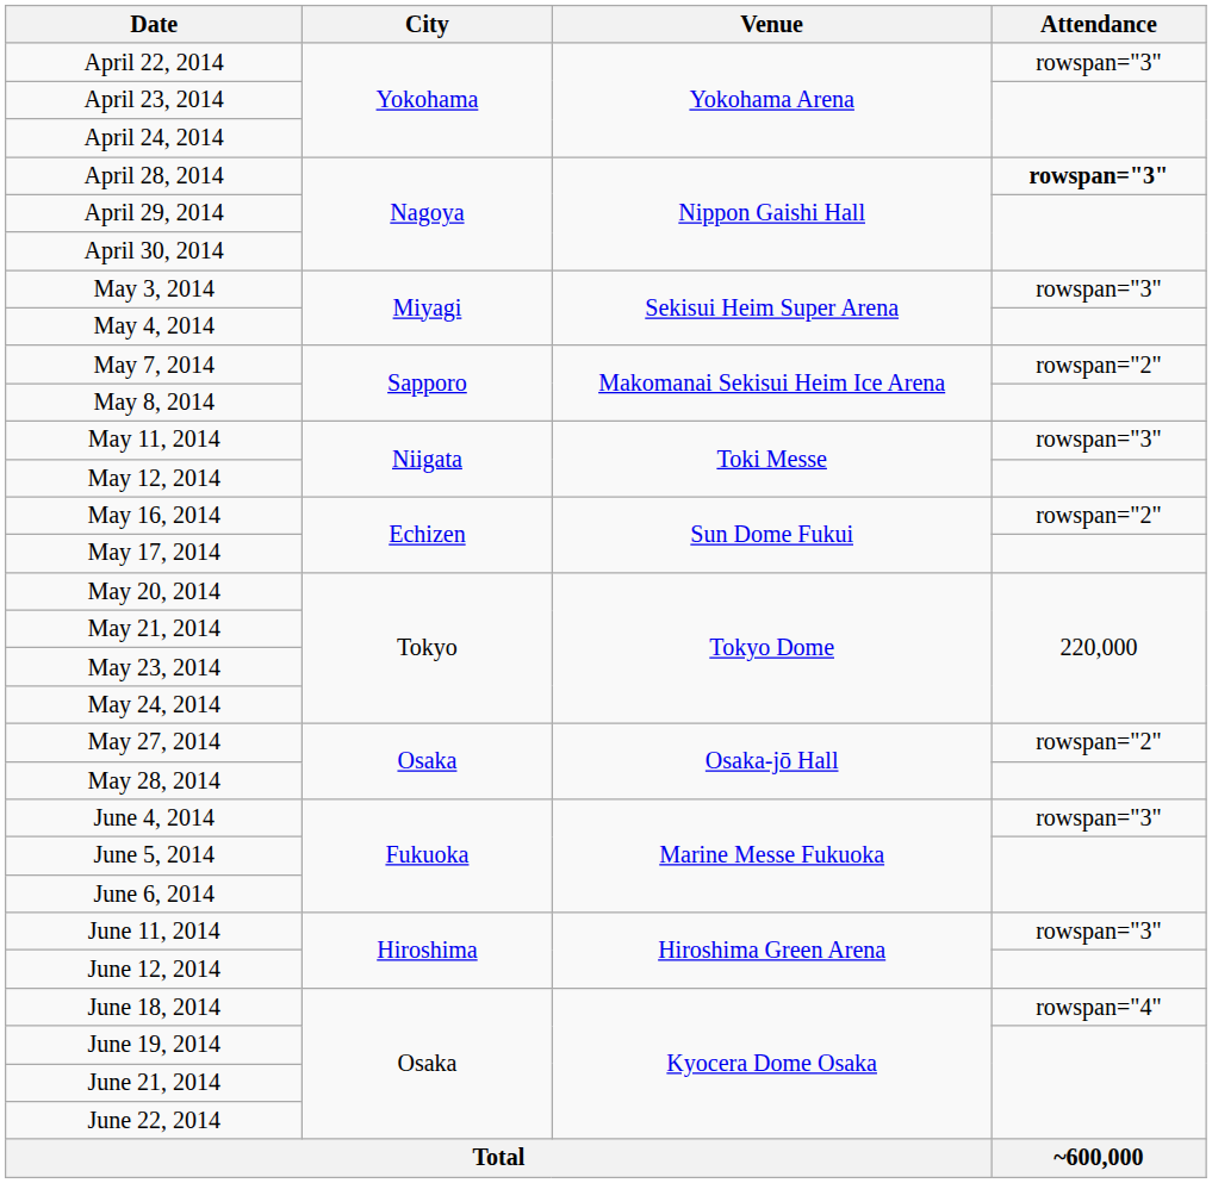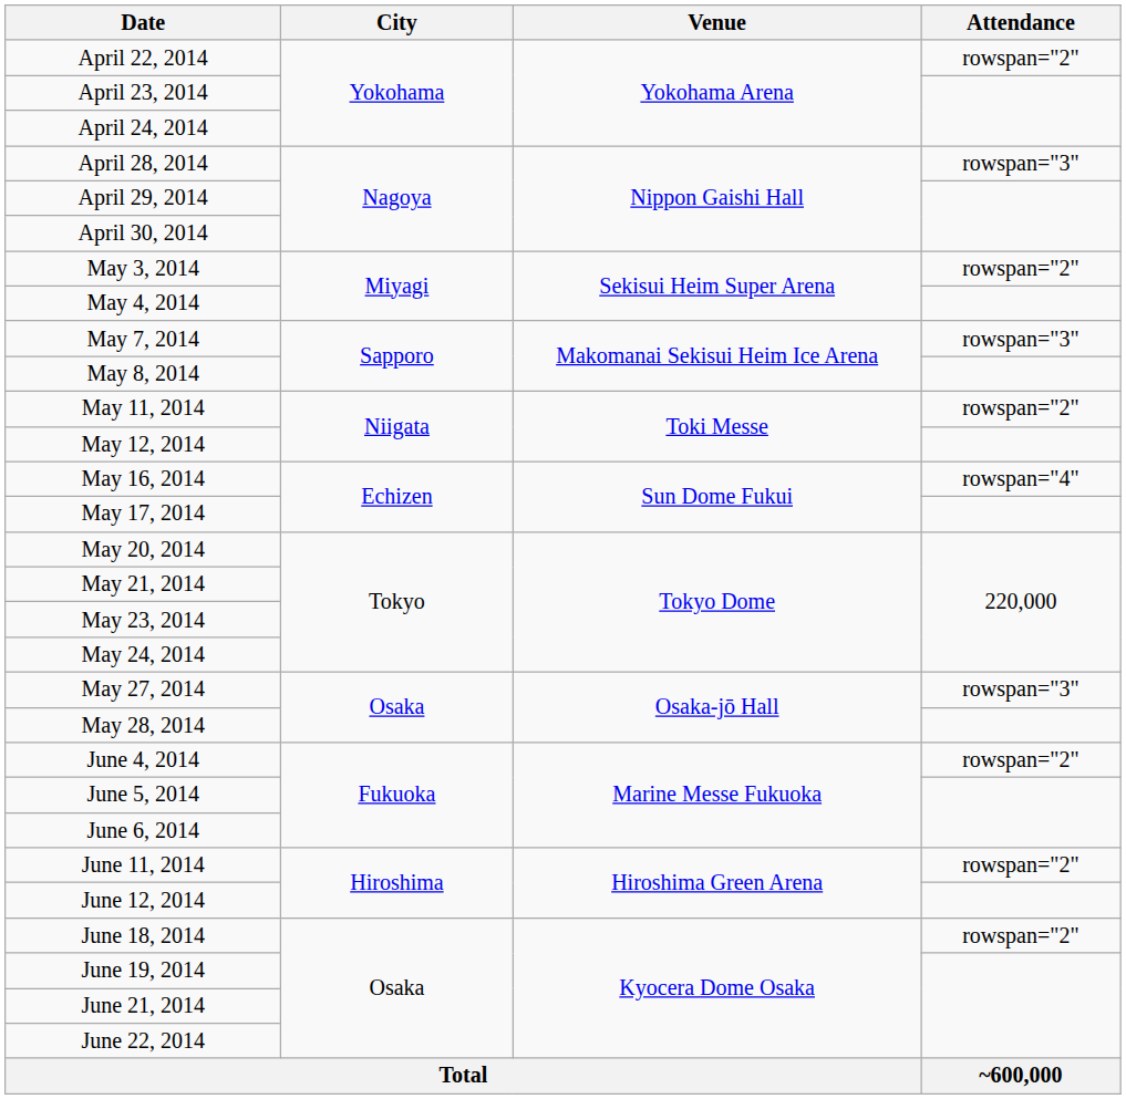 <table class="wikitable" style="text-align:center;">
 <tr>
 <th scope="col" style="width:12em;">Date</th>
 <th scope="col" style="width:10em;">City</th>
 <th scope="col" style="width:18em;">Venue</th>
 <th scope="col" style="width:8.5em;">Attendance</th>
 </tr>
 <tr>
 <td>April 22, 2014</td>
 <td rowspan="3"><a href='#'>Yokohama</a></td>
 <td rowspan="3"><a href='#'>Yokohama Arena</a></td>
-<td>rowspan="3" </td>
+<td>rowspan="2" </td>
 </tr>
 <tr>
 <td>April 23, 2014</td>
 </tr>
 <tr>
 <td>April 24, 2014</td>
 </tr>
 <tr>
 <td>April 28, 2014</td>
 <td rowspan="3"><a href='#'>Nagoya</a></td>
 <td rowspan="3"><a href='#'>Nippon Gaishi Hall</a></td>
-<td><strong>rowspan="3" </strong></td>
+<td>rowspan="3" </td>
 </tr>
 <tr>
 <td>April 29, 2014</td>
 </tr>
 <tr>
 <td>April 30, 2014</td>
 </tr>
 <tr>
 <td>May 3, 2014</td>
 <td rowspan="2"><a href='#'>Miyagi</a></td>
 <td rowspan="2"><a href='#'>Sekisui Heim Super Arena</a></td>
-<td>rowspan="3" </td>
+<td>rowspan="2" </td>
 </tr>
 <tr>
 <td>May 4, 2014</td>
 </tr>
 <tr>
 <td>May 7, 2014</td>
 <td rowspan="2"><a href='#'>Sapporo</a></td>
 <td rowspan="2"><a href='#'>Makomanai Sekisui Heim Ice Arena</a></td>
-<td>rowspan="2" </td>
+<td>rowspan="3" </td>
 </tr>
 <tr>
 <td>May 8, 2014</td>
 </tr>
 <tr>
 <td>May 11, 2014</td>
 <td rowspan="2"><a href='#'>Niigata</a></td>
 <td rowspan="2"><a href='#'>Toki Messe</a></td>
-<td>rowspan="3" </td>
+<td>rowspan="2" </td>
 </tr>
 <tr>
 <td>May 12, 2014</td>
 </tr>
 <tr>
 <td>May 16, 2014</td>
 <td rowspan="2"><a href='#'>Echizen</a></td>
 <td rowspan="2"><a href='#'>Sun Dome Fukui</a></td>
-<td>rowspan="2" </td>
+<td>rowspan="4" </td>
 </tr>
 <tr>
 <td>May 17, 2014</td>
 </tr>
 <tr>
 <td>May 20, 2014</td>
 <td rowspan="4">Tokyo</td>
 <td rowspan="4"><a href='#'>Tokyo Dome</a></td>
 <td rowspan="4">220,000</td>
 </tr>
 <tr>
 <td>May 21, 2014</td>
 </tr>
 <tr>
 <td>May 23, 2014</td>
 </tr>
 <tr>
 <td>May 24, 2014</td>
 </tr>
 <tr>
 <td>May 27, 2014</td>
 <td rowspan="2"><a href='#'>Osaka</a></td>
 <td rowspan="2"><a href='#'>Osaka-jō Hall</a></td>
-<td>rowspan="2" </td>
+<td>rowspan="3" </td>
 </tr>
 <tr>
 <td>May 28, 2014</td>
 </tr>
 <tr>
 <td>June 4, 2014</td>
 <td rowspan="3"><a href='#'>Fukuoka</a></td>
 <td rowspan="3"><a href='#'>Marine Messe Fukuoka</a></td>
-<td>rowspan="3" </td>
+<td>rowspan="2" </td>
 </tr>
 <tr>
 <td>June 5, 2014</td>
 </tr>
 <tr>
 <td>June 6, 2014</td>
 </tr>
 <tr>
 <td>June 11, 2014</td>
 <td rowspan="2"><a href='#'>Hiroshima</a></td>
 <td rowspan="2"><a href='#'>Hiroshima Green Arena</a></td>
-<td>rowspan="3" </td>
+<td>rowspan="2" </td>
 </tr>
 <tr>
 <td>June 12, 2014</td>
 </tr>
 <tr>
 <td>June 18, 2014</td>
 <td rowspan="4">Osaka</td>
 <td rowspan="4"><a href='#'>Kyocera Dome Osaka</a></td>
-<td>rowspan="4" </td>
+<td>rowspan="2" </td>
 </tr>
 <tr>
 <td>June 19, 2014</td>
 </tr>
 <tr>
 <td>June 21, 2014</td>
 </tr>
 <tr>
 <td>June 22, 2014</td>
 </tr>
 <tr>
 <th colspan="3">Total</th>
 <th>~600,000</th>
 </tr>
 </table>
